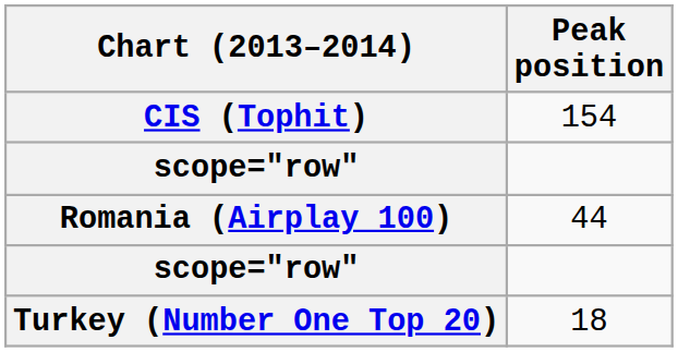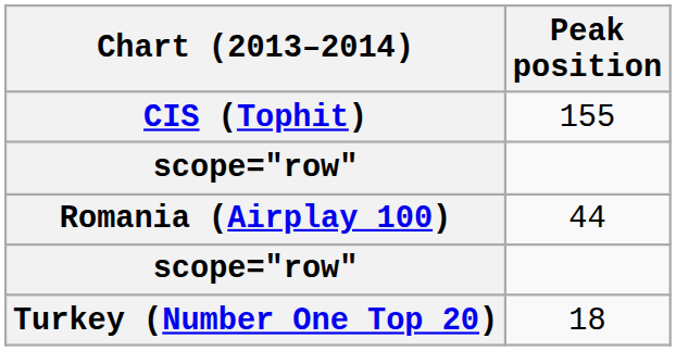 <table class="wikitable plainrowheaders sortable" style="text-align:center;">
 <tr>
 <th scope="col">Chart (2013–2014)</th>
 <th scope="col">Peak<br>position</th>
 </tr>
 <tr>
 <th scope="row"><a href='#'>CIS</a> (<a href='#'>Tophit</a>)</th>
-<td>154</td>
+<td>155</td>
 </tr>
 <tr>
 <th>scope="row" </th>
 </tr>
 <tr>
 <th scope="row">Romania (<a href='#'>Airplay 100</a>)</th>
 <td>44</td>
 </tr>
 <tr>
 <th>scope="row" </th>
 </tr>
 <tr>
 <th scope="row">Turkey (<a href='#'>Number One Top 20</a>)</th>
 <td>18</td>
 </tr>
 </table>
